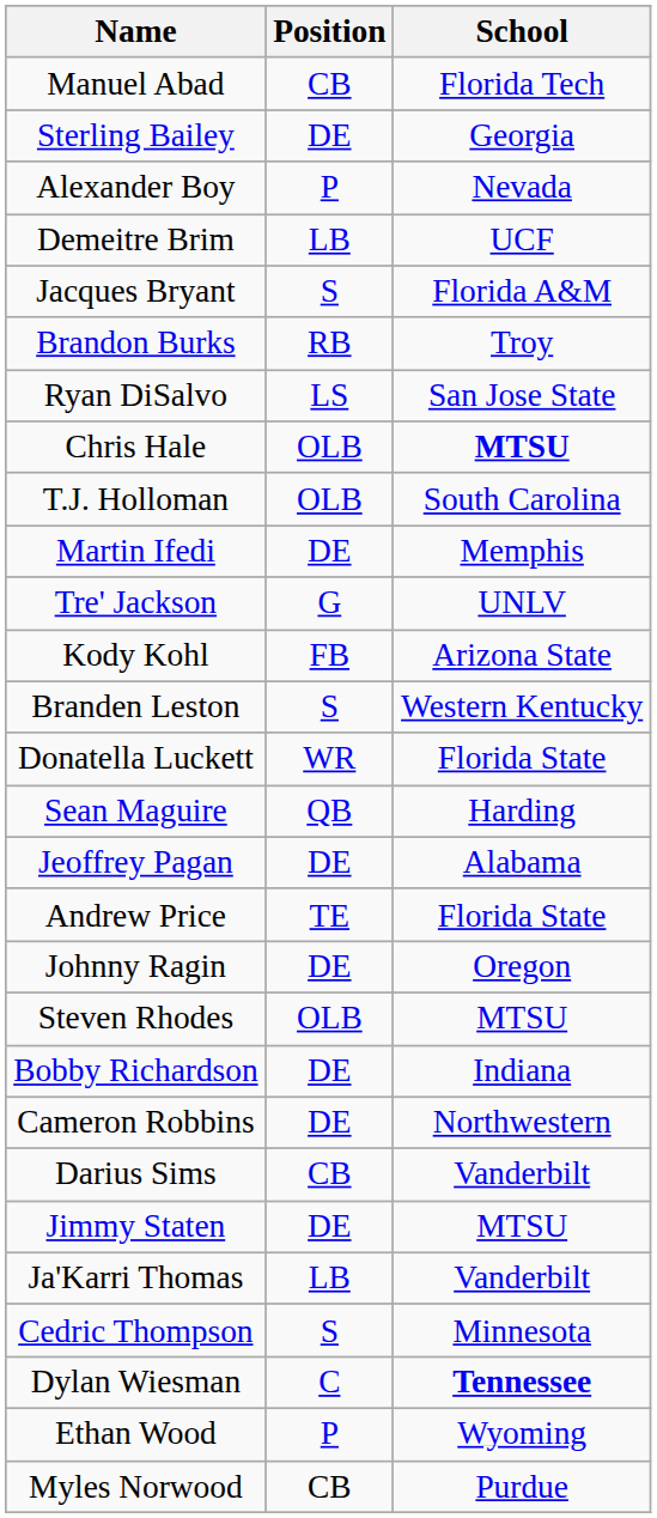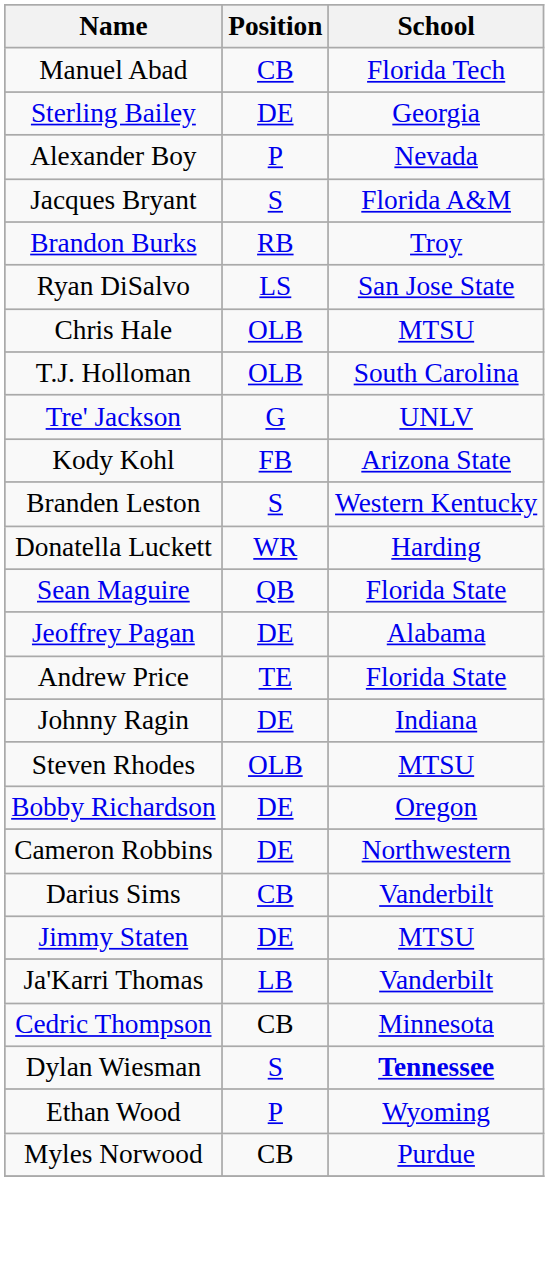 <table class="wikitable">
 <tr>
 <th>Name</th>
 <th>Position</th>
 <th>School</th>
 </tr>
 <tr align="center">
 <td>Manuel Abad</td>
 <td><a href='#'>CB</a></td>
 <td><a href='#'>Florida Tech</a></td>
 </tr>
 <tr align="center">
 <td><a href='#'>Sterling Bailey</a></td>
 <td><a href='#'>DE</a></td>
 <td><a href='#'>Georgia</a></td>
 </tr>
 <tr align="center">
 <td>Alexander Boy</td>
 <td><a href='#'>P</a></td>
 <td><a href='#'>Nevada</a></td>
 </tr>
 <tr align="center">
-<td>Demeitre Brim</td>
-<td><a href='#'>LB</a></td>
-<td><a href='#'>UCF</a></td>
-</tr>
-<tr align="center">
 <td>Jacques Bryant</td>
 <td><a href='#'>S</a></td>
 <td><a href='#'>Florida A&M</a></td>
 </tr>
 <tr align="center">
 <td><a href='#'>Brandon Burks</a></td>
 <td><a href='#'>RB</a></td>
 <td><a href='#'>Troy</a></td>
 </tr>
 <tr align="center">
 <td>Ryan DiSalvo</td>
 <td><a href='#'>LS</a></td>
 <td><a href='#'>San Jose State</a></td>
 </tr>
 <tr align="center">
 <td>Chris Hale</td>
 <td><a href='#'>OLB</a></td>
-<td><strong><a href='#'>MTSU</a></strong></td>
+<td><a href='#'>MTSU</a></td>
 </tr>
 <tr align="center">
 <td>T.J. Holloman</td>
 <td><a href='#'>OLB</a></td>
 <td><a href='#'>South Carolina</a></td>
-</tr>
-<tr align="center">
-<td><a href='#'>Martin Ifedi</a></td>
-<td><a href='#'>DE</a></td>
-<td><a href='#'>Memphis</a></td>
 </tr>
 <tr align="center">
 <td><a href='#'>Tre' Jackson</a></td>
 <td><a href='#'>G</a></td>
 <td><a href='#'>UNLV</a></td>
 </tr>
 <tr align="center">
 <td>Kody Kohl</td>
 <td><a href='#'>FB</a></td>
 <td><a href='#'>Arizona State</a></td>
 </tr>
 <tr align="center">
 <td>Branden Leston</td>
 <td><a href='#'>S</a></td>
 <td><a href='#'>Western Kentucky</a></td>
 </tr>
 <tr align="center">
 <td>Donatella Luckett</td>
 <td><a href='#'>WR</a></td>
-<td><a href='#'>Florida State</a></td>
+<td><a href='#'>Harding</a></td>
 </tr>
 <tr align="center">
 <td><a href='#'>Sean Maguire</a></td>
 <td><a href='#'>QB</a></td>
-<td><a href='#'>Harding</a></td>
+<td><a href='#'>Florida State</a></td>
 </tr>
 <tr align="center">
 <td><a href='#'>Jeoffrey Pagan</a></td>
 <td><a href='#'>DE</a></td>
 <td><a href='#'>Alabama</a></td>
 </tr>
 <tr align="center">
 <td>Andrew Price</td>
 <td><a href='#'>TE</a></td>
 <td><a href='#'>Florida State</a></td>
 </tr>
 <tr align="center">
 <td>Johnny Ragin</td>
 <td><a href='#'>DE</a></td>
-<td><a href='#'>Oregon</a></td>
+<td><a href='#'>Indiana</a></td>
 </tr>
 <tr align="center">
 <td>Steven Rhodes</td>
 <td><a href='#'>OLB</a></td>
 <td><a href='#'>MTSU</a></td>
 </tr>
 <tr align="center">
 <td><a href='#'>Bobby Richardson</a></td>
 <td><a href='#'>DE</a></td>
-<td><a href='#'>Indiana</a></td>
+<td><a href='#'>Oregon</a></td>
 </tr>
 <tr align="center">
 <td>Cameron Robbins</td>
 <td><a href='#'>DE</a></td>
 <td><a href='#'>Northwestern</a></td>
 </tr>
 <tr align="center">
 <td>Darius Sims</td>
 <td><a href='#'>CB</a></td>
 <td><a href='#'>Vanderbilt</a></td>
 </tr>
 <tr align="center">
 <td><a href='#'>Jimmy Staten</a></td>
 <td><a href='#'>DE</a></td>
 <td><a href='#'>MTSU</a></td>
 </tr>
 <tr align="center">
 <td>Ja'Karri Thomas</td>
 <td><a href='#'>LB</a></td>
 <td><a href='#'>Vanderbilt</a></td>
 </tr>
 <tr align="center">
 <td><a href='#'>Cedric Thompson</a></td>
-<td><a href='#'>S</a></td>
+<td>CB</td>
 <td><a href='#'>Minnesota</a></td>
 </tr>
 <tr align="center">
 <td>Dylan Wiesman</td>
-<td><a href='#'>C</a></td>
+<td><a href='#'>S</a></td>
 <td><strong><a href='#'>Tennessee</a></strong></td>
 </tr>
 <tr align="center">
 <td>Ethan Wood</td>
 <td><a href='#'>P</a></td>
 <td><a href='#'>Wyoming</a></td>
 </tr>
 <tr align="center">
 <td>Myles Norwood</td>
 <td>CB</td>
 <td><a href='#'>Purdue</a></td>
 </tr>
 <tr align="center">
 </tr>
 </table>
